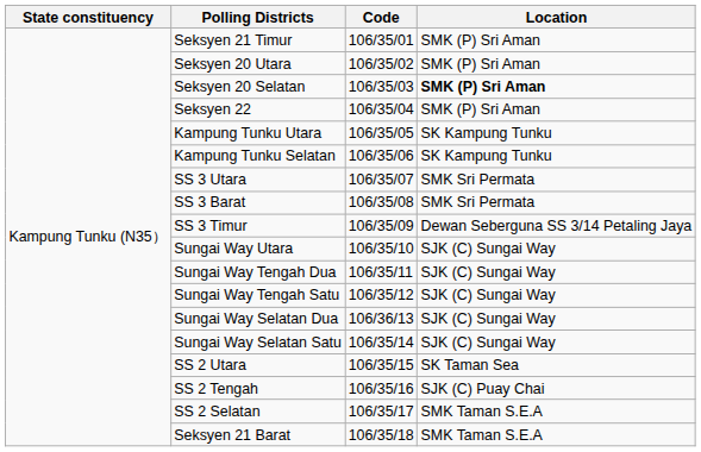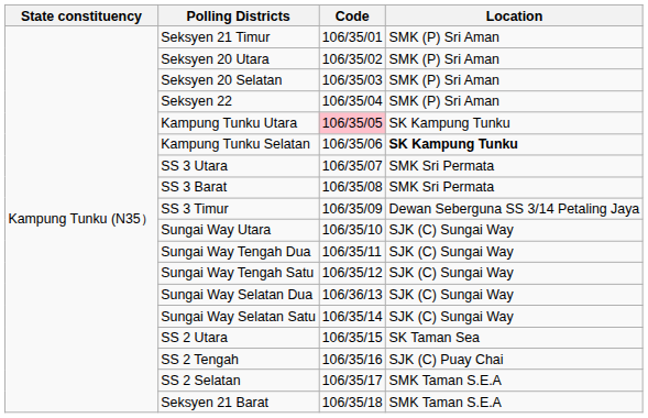 <table class="wikitable sortable mw-collapsible" style="white-space:nowrap;font-size:85%">
 <tr>
 <th>State constituency</th>
 <th>Polling Districts</th>
 <th>Code</th>
 <th>Location</th>
 </tr>
 <tr>
 <td rowspan="18">Kampung Tunku (N35）</td>
 <td>Seksyen 21 Timur</td>
 <td>106/35/01</td>
 <td>SMK (P) Sri Aman</td>
 </tr>
 <tr>
 <td>Seksyen 20 Utara</td>
 <td>106/35/02</td>
 <td>SMK (P) Sri Aman</td>
 </tr>
 <tr>
 <td>Seksyen 20 Selatan</td>
 <td>106/35/03</td>
-<td><strong>SMK (P) Sri Aman</strong></td>
+<td>SMK (P) Sri Aman</td>
 </tr>
 <tr>
 <td>Seksyen 22</td>
 <td>106/35/04</td>
 <td>SMK (P) Sri Aman</td>
 </tr>
 <tr>
 <td>Kampung Tunku Utara</td>
-<td>106/35/05</td>
+<td style="background: pink;">106/35/05</td>
 <td>SK Kampung Tunku</td>
 </tr>
 <tr>
 <td>Kampung Tunku Selatan</td>
 <td>106/35/06</td>
-<td>SK Kampung Tunku</td>
+<td><strong>SK Kampung Tunku</strong></td>
 </tr>
 <tr>
 <td>SS 3 Utara</td>
 <td>106/35/07</td>
 <td>SMK Sri Permata</td>
 </tr>
 <tr>
 <td>SS 3 Barat</td>
 <td>106/35/08</td>
 <td>SMK Sri Permata</td>
 </tr>
 <tr>
 <td>SS 3 Timur</td>
 <td>106/35/09</td>
 <td>Dewan Seberguna SS 3/14 Petaling Jaya</td>
 </tr>
 <tr>
 <td>Sungai Way Utara</td>
 <td>106/35/10</td>
 <td>SJK (C) Sungai Way</td>
 </tr>
 <tr>
 <td>Sungai Way Tengah Dua</td>
 <td>106/35/11</td>
 <td>SJK (C) Sungai Way</td>
 </tr>
 <tr>
 <td>Sungai Way Tengah Satu</td>
 <td>106/35/12</td>
 <td>SJK (C) Sungai Way</td>
 </tr>
 <tr>
 <td>Sungai Way Selatan Dua</td>
 <td>106/36/13</td>
 <td>SJK (C) Sungai Way</td>
 </tr>
 <tr>
 <td>Sungai Way Selatan Satu</td>
 <td>106/35/14</td>
 <td>SJK (C) Sungai Way</td>
 </tr>
 <tr>
 <td>SS 2 Utara</td>
 <td>106/35/15</td>
 <td>SK Taman Sea</td>
 </tr>
 <tr>
 <td>SS 2 Tengah</td>
 <td>106/35/16</td>
 <td>SJK (C) Puay Chai</td>
 </tr>
 <tr>
 <td>SS 2 Selatan</td>
 <td>106/35/17</td>
 <td>SMK Taman S.E.A</td>
 </tr>
 <tr>
 <td>Seksyen 21 Barat</td>
 <td>106/35/18</td>
 <td>SMK Taman S.E.A</td>
 </tr>
 </table>
